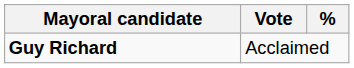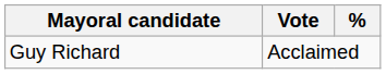 <table class="wikitable">
 <tr>
 <th bgcolor="#DDDDFF" width="200px">Mayoral candidate</th>
 <th bgcolor="#DDDDFF" width="50px">Vote</th>
 <th bgcolor="#DDDDFF"  width="30px">%</th>
 </tr>
 <tr>
-<td><strong>Guy Richard</strong></td>
+<td>Guy Richard</td>
 <td colspan="2">Acclaimed</td>
 </tr>
 </table>
